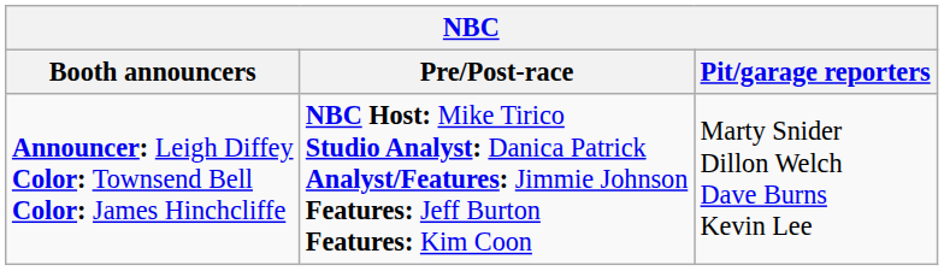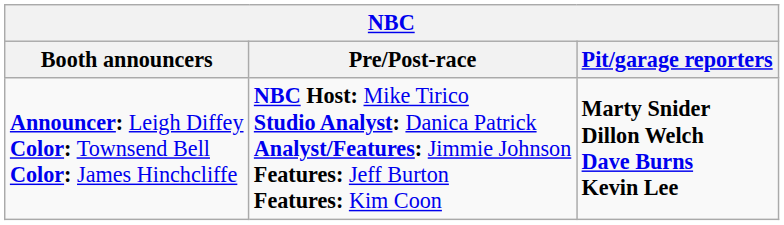 <table class="wikitable" style="font-size: 95%;">
 <tr>
 <th colspan=3><a href='#'>NBC</a></th>
 </tr>
 <tr>
 <th>Booth announcers</th>
 <th>Pre/Post-race</th>
 <th><a href='#'>Pit/garage reporters</a></th>
 </tr>
 <tr>
 <td><strong><a href='#'>Announcer</a>:</strong> <a href='#'>Leigh Diffey</a><br><strong><a href='#'>Color</a>:</strong> <a href='#'>Townsend Bell</a><br><strong><a href='#'>Color</a>:</strong> <a href='#'>James Hinchcliffe</a></td>
 <td><strong><a href='#'>NBC</a> Host:</strong> <a href='#'>Mike Tirico</a><br><strong><a href='#'>Studio Analyst</a>:</strong> <a href='#'>Danica Patrick</a><br><strong><a href='#'>Analyst/Features</a>:</strong> <a href='#'>Jimmie Johnson</a><br><strong>Features:</strong> <a href='#'>Jeff Burton</a><br><strong>Features:</strong> <a href='#'>Kim Coon</a></td>
-<td>Marty Snider<br>Dillon Welch<br><a href='#'>Dave Burns</a><br>Kevin Lee</td>
+<td><strong>Marty Snider<br>Dillon Welch<br><a href='#'>Dave Burns</a><br>Kevin Lee</strong></td>
 </tr>
 </table>
